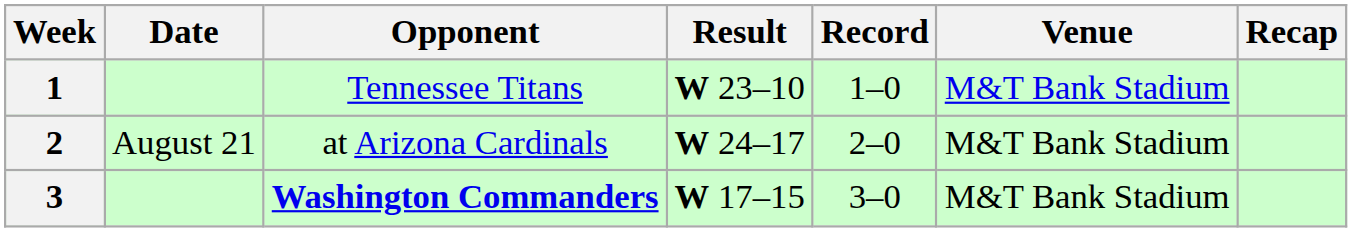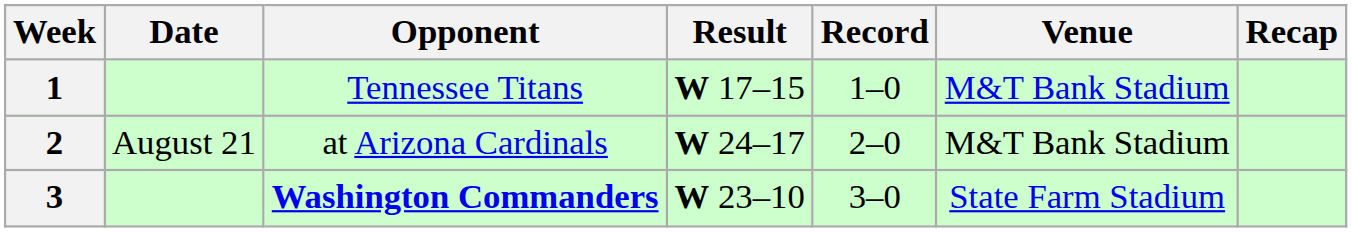 <table class="wikitable" style="text-align:center">
 <tr>
 <th>Week</th>
 <th>Date</th>
 <th>Opponent</th>
 <th>Result</th>
 <th>Record</th>
 <th>Venue</th>
 <th>Recap</th>
 </tr>
 <tr style="background:#cfc">
 <th>1</th>
 <td></td>
 <td><a href='#'>Tennessee Titans</a></td>
-<td><strong>W</strong> 23–10</td>
+<td><strong>W</strong> 17–15</td>
 <td>1–0</td>
 <td><a href='#'>M&T Bank Stadium</a></td>
 <td></td>
 </tr>
 <tr style="background:#cfc">
 <th>2</th>
 <td>August 21</td>
 <td>at <a href='#'>Arizona Cardinals</a></td>
 <td><strong>W</strong> 24–17</td>
 <td>2–0</td>
 <td>M&T Bank Stadium</td>
 <td></td>
 </tr>
 <tr style="background:#cfc">
 <th>3</th>
 <td></td>
 <td><strong><a href='#'>Washington Commanders</a></strong></td>
-<td><strong>W</strong> 17–15</td>
+<td><strong>W</strong> 23–10</td>
 <td>3–0</td>
-<td>M&T Bank Stadium</td>
+<td><a href='#'>State Farm Stadium</a></td>
 <td></td>
 </tr>
 </table>
